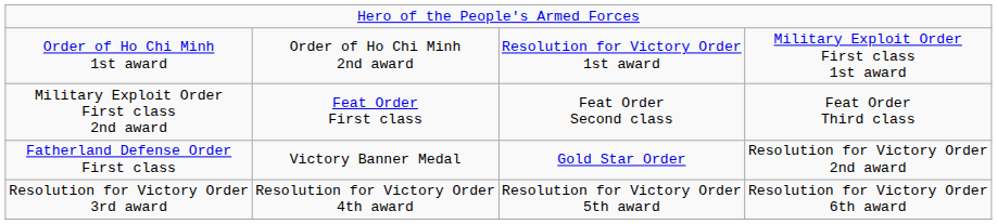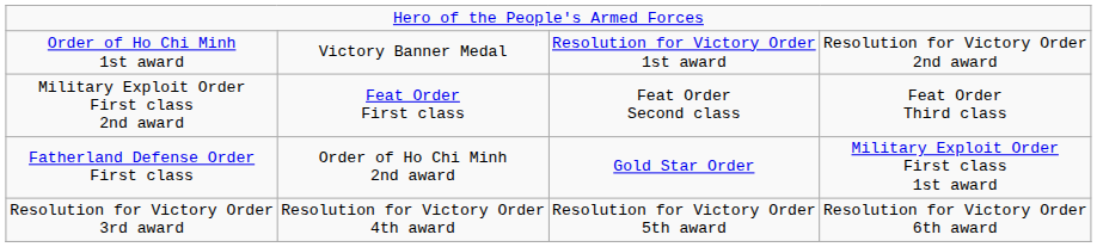 <table class="wikitable" style="margin:1em auto; text-align:center;">
 <tr>
 <td colspan="4"><a href='#'>Hero of the People's Armed Forces</a></td>
 </tr>
 <tr>
 <td><a href='#'>Order of Ho Chi Minh</a><br>1st award</td>
-<td>Order of Ho Chi Minh<br>2nd award</td>
+<td>Victory Banner Medal</td>
 <td><a href='#'>Resolution for Victory Order</a><br>1st award</td>
-<td><a href='#'>Military Exploit Order</a><br>First class<br>1st award</td>
+<td>Resolution for Victory Order<br>2nd award</td>
 </tr>
 <tr>
 <td>Military Exploit Order<br>First class<br>2nd award</td>
 <td><a href='#'>Feat Order</a><br>First class</td>
 <td>Feat Order<br>Second class</td>
 <td>Feat Order<br>Third class</td>
 </tr>
 <tr>
 <td><a href='#'>Fatherland Defense Order</a><br>First class</td>
-<td>Victory Banner Medal</td>
+<td>Order of Ho Chi Minh<br>2nd award</td>
 <td><a href='#'>Gold Star Order</a></td>
-<td>Resolution for Victory Order<br>2nd award</td>
+<td><a href='#'>Military Exploit Order</a><br>First class<br>1st award</td>
 </tr>
 <tr>
 <td>Resolution for Victory Order<br>3rd award</td>
 <td>Resolution for Victory Order<br>4th award</td>
 <td>Resolution for Victory Order<br>5th award</td>
 <td>Resolution for Victory Order<br>6th award</td>
 </tr>
 <tr>
 </tr>
 </table>
